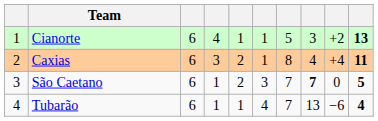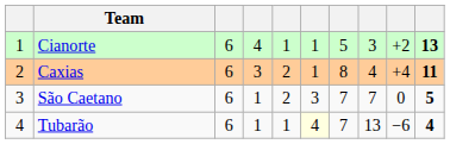 <table class="wikitable" style="text-align: center;">
 <tr>
 <th width=20></th>
 <th width=165>Team</th>
 <th width=20></th>
 <th width=20></th>
 <th width=20></th>
 <th width=20></th>
 <th width=20></th>
 <th width=20></th>
 <th width=20></th>
 <th width=20></th>
 </tr>
 <tr bgcolor=#ccffcc>
 <td>1</td>
 <td align=left> <a href='#'>Cianorte</a></td>
 <td>6</td>
 <td>4</td>
 <td>1</td>
 <td>1</td>
 <td>5</td>
 <td>3</td>
 <td>+2</td>
 <td><strong>13</strong></td>
 </tr>
 <tr bgcolor=#ffcc99>
 <td>2</td>
 <td align=left> <a href='#'>Caxias</a></td>
 <td>6</td>
 <td>3</td>
 <td>2</td>
 <td>1</td>
 <td>8</td>
 <td>4</td>
 <td>+4</td>
 <td><strong>11</strong></td>
 </tr>
 <tr>
 <td>3</td>
 <td align=left> <a href='#'>São Caetano</a></td>
 <td>6</td>
 <td>1</td>
 <td>2</td>
 <td>3</td>
 <td>7</td>
-<td><strong>7</strong></td>
+<td>7</td>
 <td>0</td>
 <td><strong>5</strong></td>
 </tr>
 <tr>
 <td>4</td>
 <td align=left> <a href='#'>Tubarão</a></td>
 <td>6</td>
 <td>1</td>
 <td>1</td>
-<td>4</td>
+<td style="background: lightyellow;">4</td>
 <td>7</td>
 <td>13</td>
 <td>−6</td>
 <td><strong>4</strong></td>
 </tr>
 </table>
